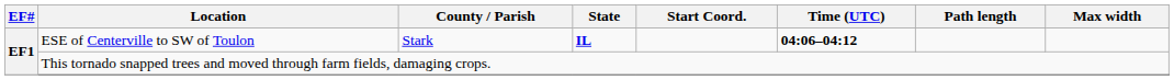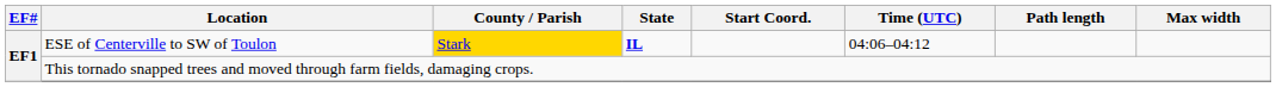 <table class="wikitable sortable" style="width:100%;">
 <tr>
 <th scope="col" width="2%" align="center"><a href='#'>EF#</a></th>
 <th scope="col" align="center" class="unsortable">Location</th>
 <th scope="col" align="center" class="unsortable">County / Parish</th>
 <th scope="col" align="center">State</th>
 <th scope="col" align="center">Start Coord.</th>
 <th scope="col" align="center">Time (<a href='#'>UTC</a>)</th>
 <th scope="col" align="center">Path length</th>
 <th scope="col" align="center">Max width</th>
 </tr>
 <tr>
 <th scope="row" rowspan="2" style="background-color:#">EF1</th>
 <td>ESE of <a href='#'>Centerville</a> to SW of <a href='#'>Toulon</a></td>
-<td><a href='#'>Stark</a></td>
+<td style="background: gold;"><a href='#'>Stark</a></td>
 <td><strong><a href='#'>IL</a></strong></td>
 <td></td>
-<td><strong>04:06–04:12</strong></td>
+<td>04:06–04:12</td>
 <td></td>
 <td></td>
 </tr>
 <tr class="expand-child">
 <td colspan="8" style=" border-bottom: 1px solid black;">This tornado snapped trees and moved through farm fields, damaging crops.</td>
 </tr>
 <tr>
 </tr>
 </table>
